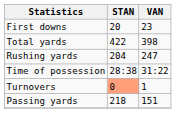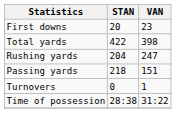 <table class="wikitable" style="float: left;">
 <tr>
 <th>Statistics</th>
 <th>STAN</th>
 <th>VAN</th>
 </tr>
 <tr>
 <td>First downs</td>
 <td>20</td>
 <td>23</td>
 </tr>
 <tr>
 <td>Total yards</td>
 <td>422</td>
 <td>398</td>
 </tr>
 <tr>
 <td>Rushing yards</td>
 <td>204</td>
 <td>247</td>
 </tr>
 <tr>
+<td>Passing yards</td>
+<td>218</td>
+<td>151</td>
+</tr>
+<tr>
+<td>Turnovers</td>
+<td>0</td>
+<td>1</td>
+</tr>
+<tr>
 <td>Time of possession</td>
 <td>28:38</td>
 <td>31:22</td>
 </tr>
 <tr>
-<td>Turnovers</td>
-<td style="background: lightsalmon;">0</td>
-<td>1</td>
-</tr>
-<tr>
-<td>Passing yards</td>
-<td>218</td>
-<td>151</td>
-</tr>
-<tr>
 </tr>
 </table>
